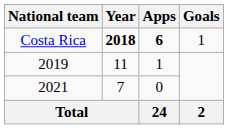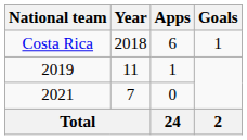 <table class=wikitable style=text-align:center>
 <tr>
 <th>National team</th>
 <th>Year</th>
 <th>Apps</th>
 <th>Goals</th>
 </tr>
 <tr>
 <td rowspan=1><a href='#'>Costa Rica</a></td>
-<td><strong>2018</strong></td>
-<td><strong>6</strong></td>
+<td>2018</td>
+<td>6</td>
 <td>1</td>
 </tr>
 <tr>
 <td>2019</td>
 <td>11</td>
 <td>1</td>
 </tr>
 <tr>
 <td>2021</td>
 <td>7</td>
 <td>0</td>
 </tr>
 <tr>
 <th colspan=2>Total</th>
 <th>24</th>
 <th>2</th>
 </tr>
 </table>
